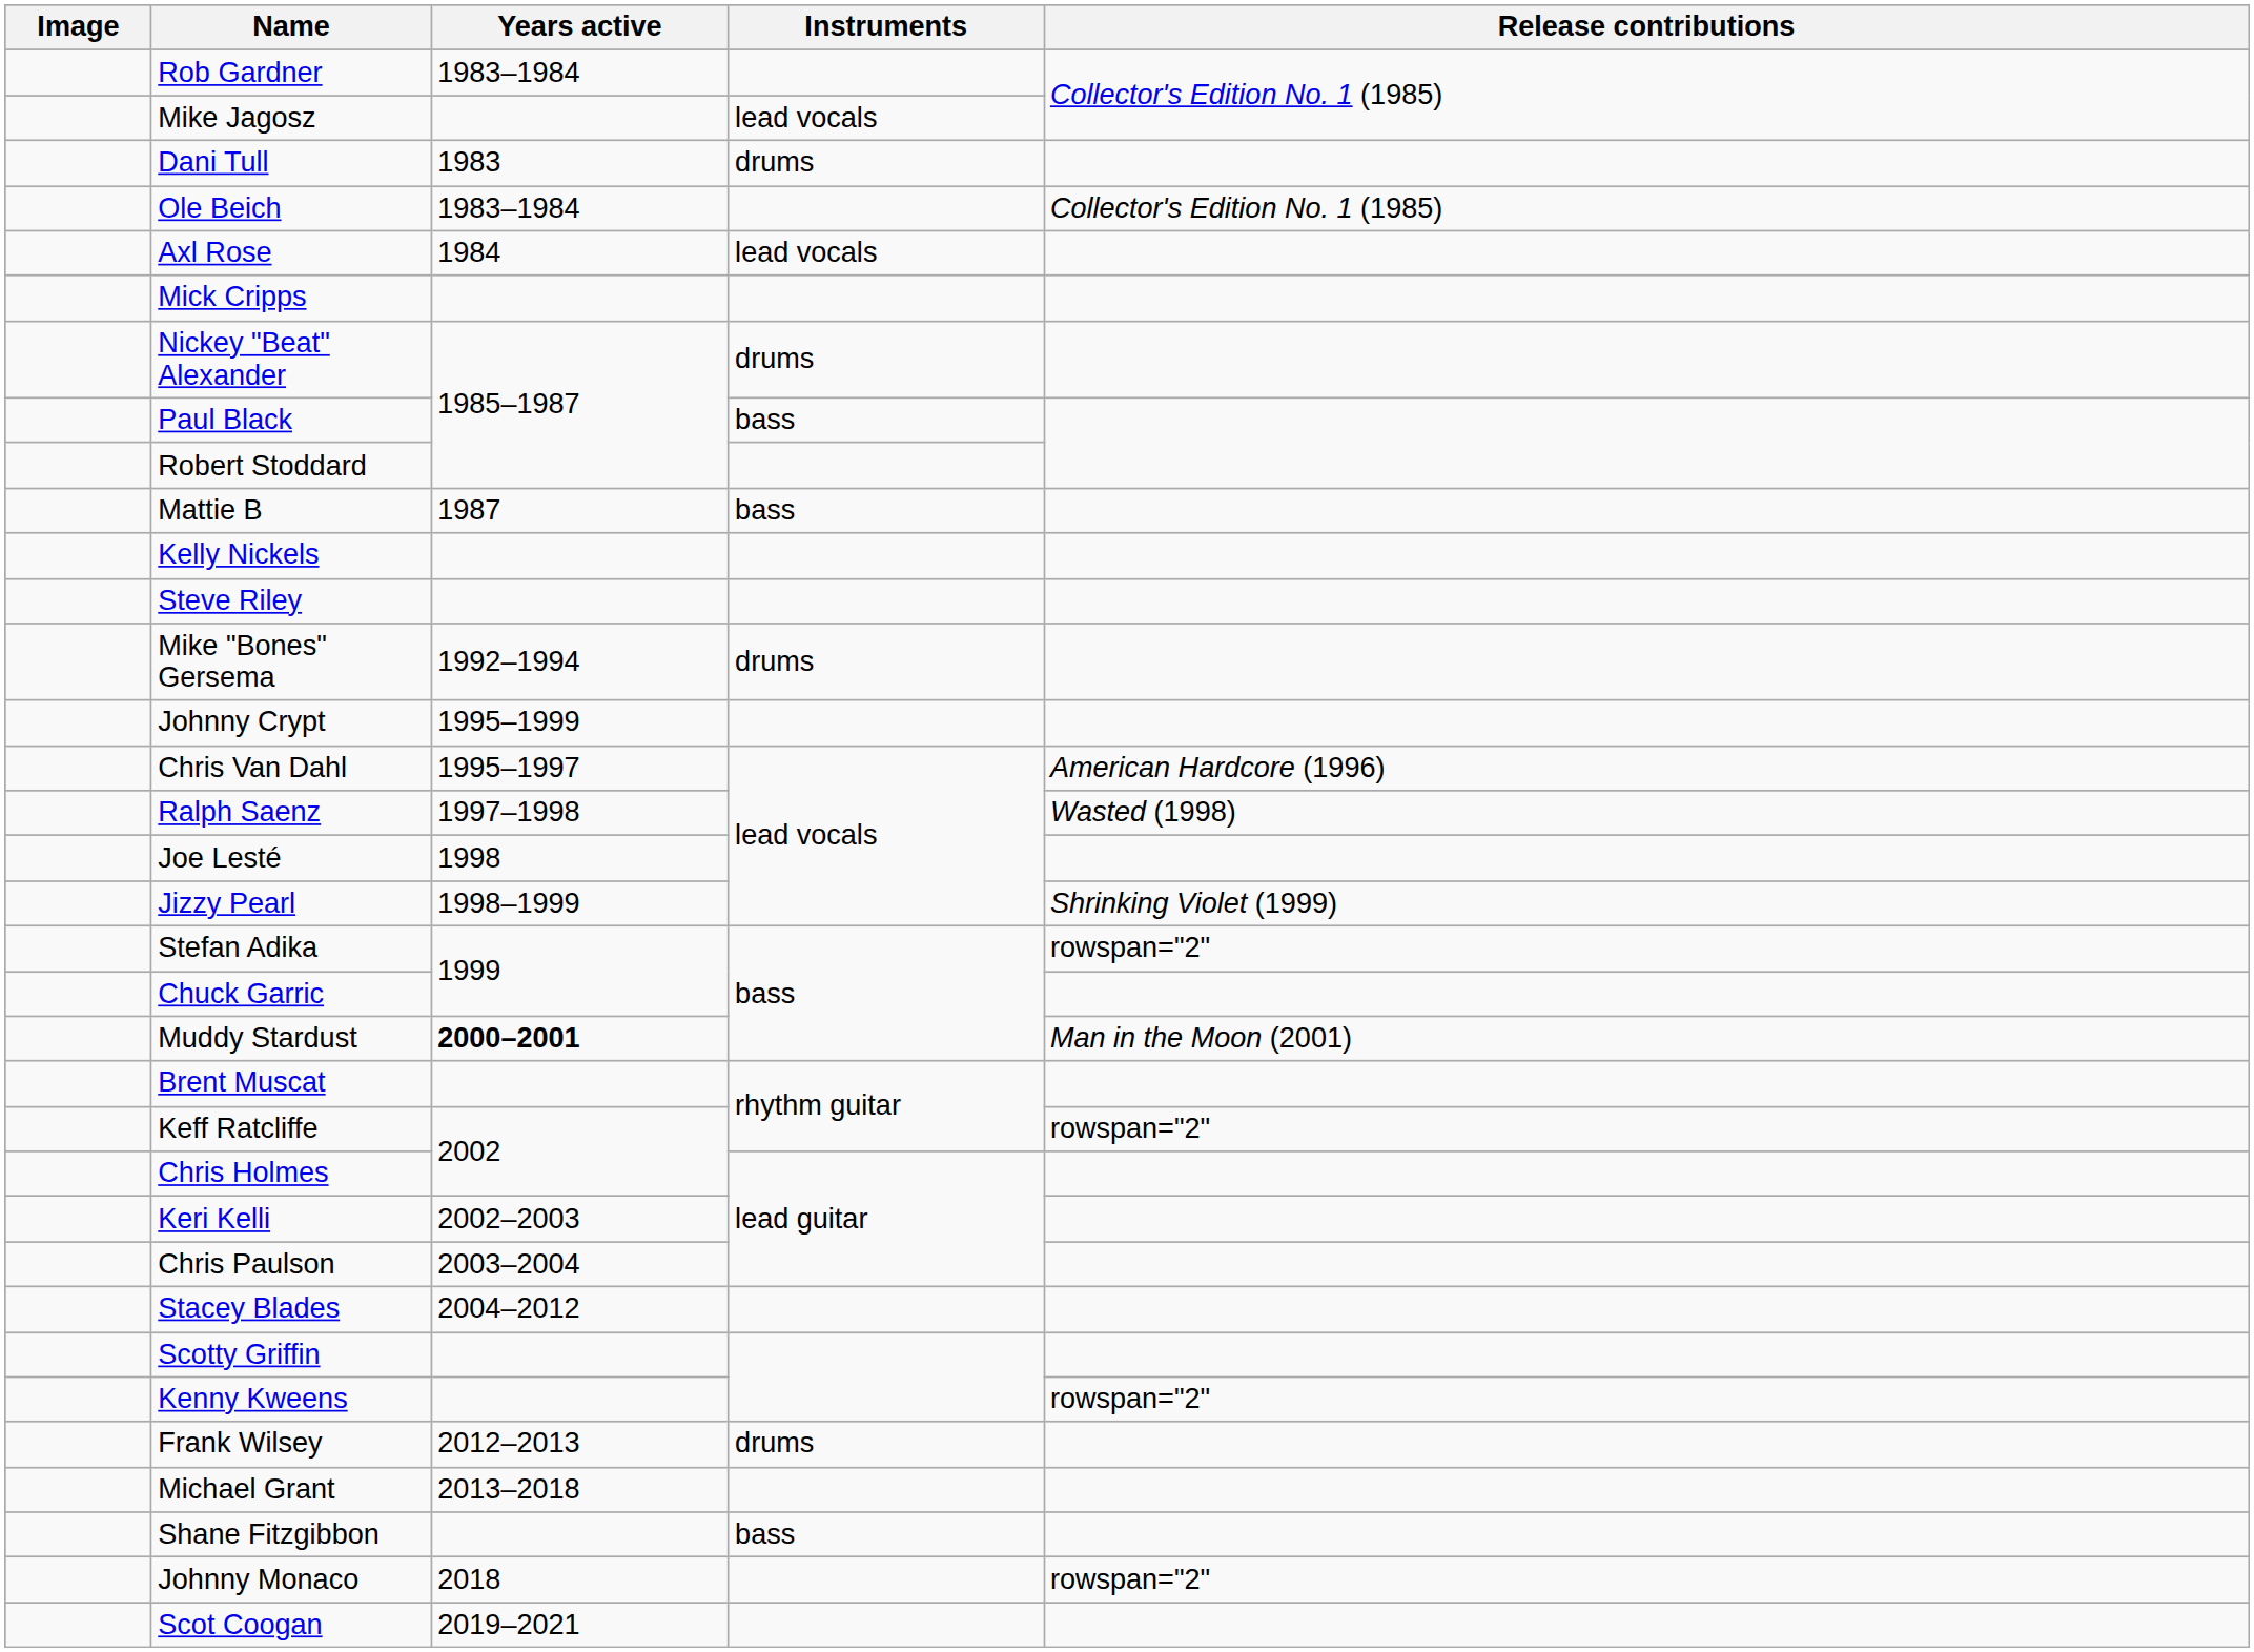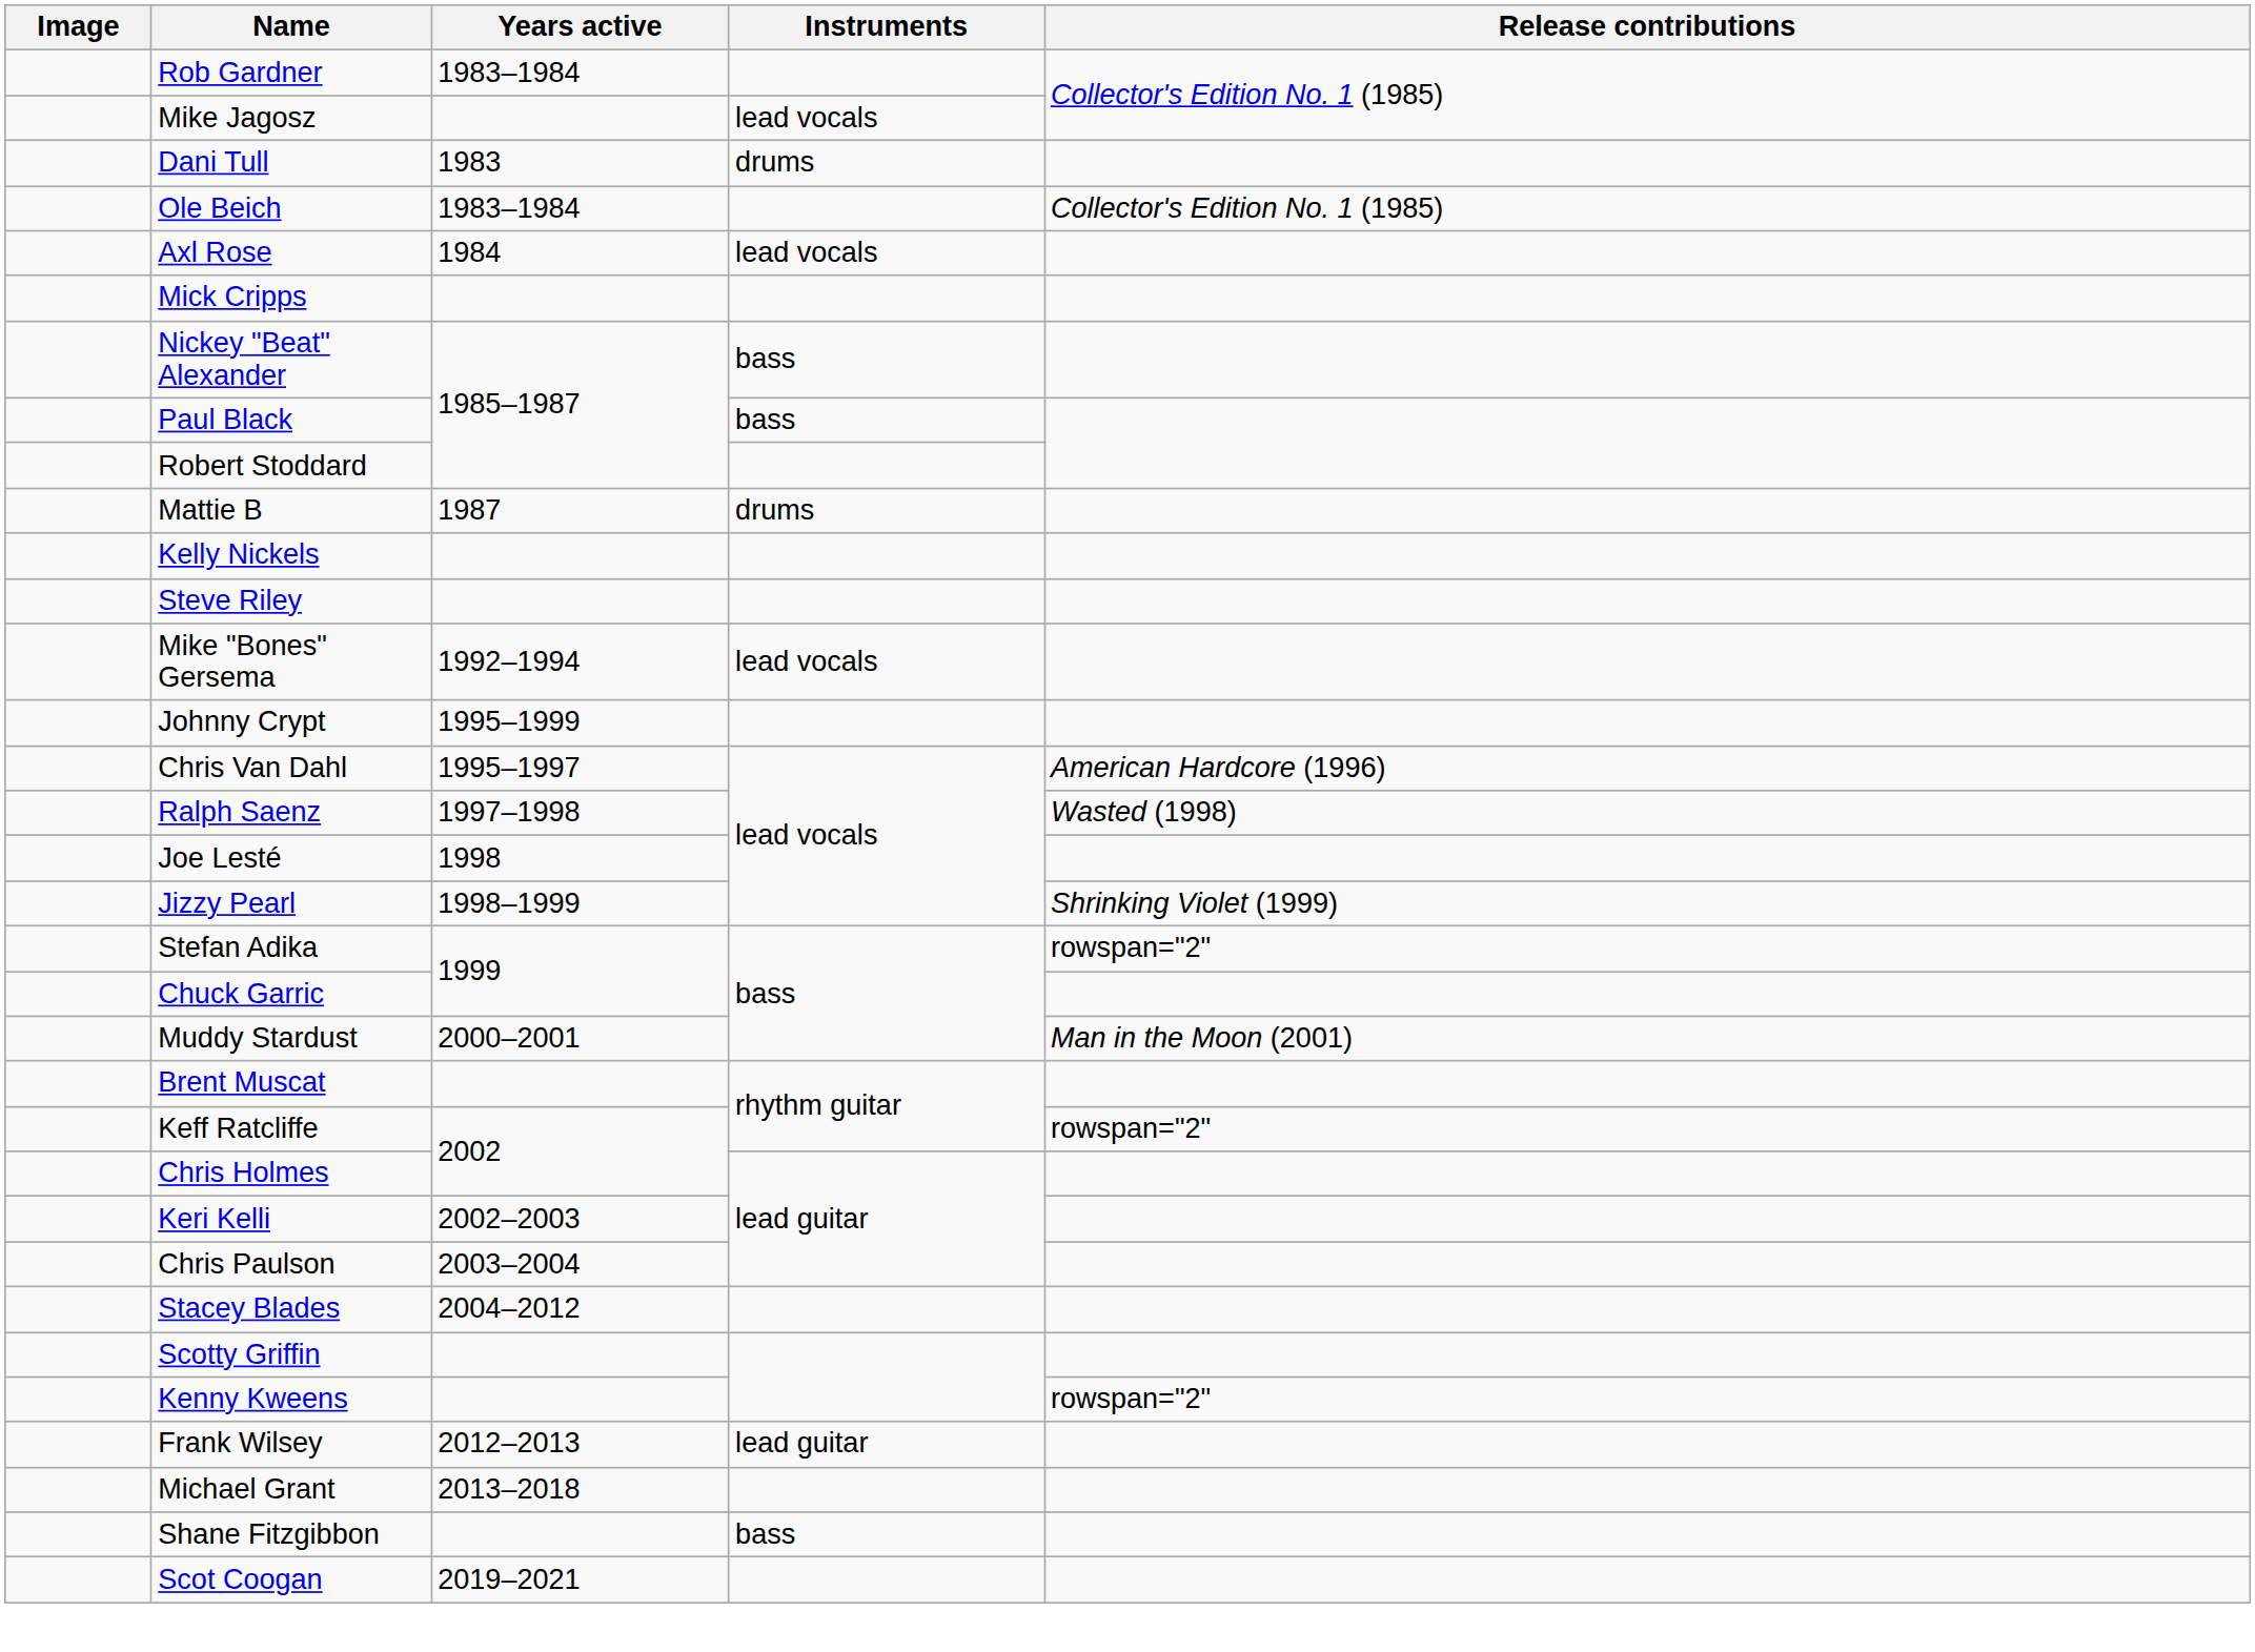 <table class="wikitable" border="1" width=100%>
 <tr>
 <th width="75">Image</th>
 <th width="150">Name</th>
 <th width="160">Years active</th>
 <th width="170">Instruments</th>
 <th>Release contributions</th>
 </tr>
 <tr>
 <td></td>
 <td><a href='#'>Rob Gardner</a></td>
 <td>1983–1984</td>
 <td></td>
 <td rowspan="2"><em><a href='#'>Collector's Edition No. 1</a></em> (1985)</td>
 </tr>
 <tr>
 <td></td>
 <td>Mike Jagosz</td>
 <td></td>
 <td>lead vocals</td>
 </tr>
 <tr>
 <td></td>
 <td><a href='#'>Dani Tull</a></td>
 <td>1983</td>
 <td>drums</td>
 <td></td>
 </tr>
 <tr>
 <td></td>
 <td><a href='#'>Ole Beich</a></td>
 <td>1983–1984 </td>
 <td></td>
 <td><em>Collector's Edition No. 1</em> (1985)</td>
 </tr>
 <tr>
 <td></td>
 <td><a href='#'>Axl Rose</a></td>
 <td>1984</td>
 <td>lead vocals</td>
 <td></td>
 </tr>
 <tr>
 <td></td>
 <td><a href='#'>Mick Cripps</a></td>
 <td></td>
 <td></td>
 <td></td>
 </tr>
 <tr>
 <td></td>
 <td><a href='#'>Nickey "Beat" Alexander</a></td>
 <td rowspan="3">1985–1987</td>
-<td>drums</td>
+<td>bass</td>
 <td></td>
 </tr>
 <tr>
 <td></td>
 <td><a href='#'>Paul Black</a></td>
 <td>bass</td>
 <td rowspan="2"></td>
 </tr>
 <tr>
 <td></td>
 <td>Robert Stoddard</td>
 <td></td>
 </tr>
 <tr>
 <td></td>
 <td>Mattie B</td>
 <td>1987</td>
-<td>bass</td>
+<td>drums</td>
 <td></td>
 </tr>
 <tr>
 <td></td>
 <td><a href='#'>Kelly Nickels</a><br></td>
 <td></td>
 <td></td>
 <td></td>
 </tr>
 <tr>
 <td></td>
 <td><a href='#'>Steve Riley</a></td>
 <td> </td>
 <td></td>
 <td></td>
 </tr>
 <tr>
 <td></td>
 <td>Mike "Bones" Gersema</td>
 <td>1992–1994 </td>
-<td>drums</td>
+<td>lead vocals</td>
 <td></td>
 </tr>
 <tr>
 <td></td>
 <td>Johnny Crypt</td>
 <td>1995–1999</td>
 <td></td>
 <td></td>
 </tr>
 <tr>
 <td></td>
 <td>Chris Van Dahl</td>
 <td>1995–1997</td>
 <td rowspan="4">lead vocals</td>
 <td><em>American Hardcore</em> (1996)</td>
 </tr>
 <tr>
 <td></td>
 <td><a href='#'>Ralph Saenz</a></td>
 <td>1997–1998</td>
 <td><em>Wasted</em> (1998)</td>
 </tr>
 <tr>
 <td></td>
 <td>Joe Lesté</td>
 <td>1998</td>
 <td></td>
 </tr>
 <tr>
 <td></td>
 <td><a href='#'>Jizzy Pearl</a><br></td>
 <td>1998–1999</td>
 <td><em>Shrinking Violet</em> (1999)</td>
 </tr>
 <tr>
 <td></td>
 <td>Stefan Adika</td>
 <td rowspan="2">1999</td>
 <td rowspan="3">bass</td>
 <td>rowspan="2" </td>
 </tr>
 <tr>
 <td></td>
 <td><a href='#'>Chuck Garric</a></td>
 </tr>
 <tr>
 <td></td>
 <td>Muddy Stardust<br></td>
-<td><strong>2000–2001</strong></td>
+<td>2000–2001</td>
 <td><em>Man in the Moon</em> (2001)</td>
 </tr>
 <tr>
 <td></td>
 <td><a href='#'>Brent Muscat</a></td>
 <td></td>
 <td rowspan="2">rhythm guitar</td>
 <td></td>
 </tr>
 <tr>
 <td></td>
 <td>Keff Ratcliffe</td>
 <td rowspan="2">2002</td>
 <td>rowspan="2" </td>
 </tr>
 <tr>
 <td></td>
 <td><a href='#'>Chris Holmes</a></td>
 <td rowspan="3">lead guitar</td>
 </tr>
 <tr>
 <td></td>
 <td><a href='#'>Keri Kelli</a><br></td>
 <td>2002–2003</td>
 <td></td>
 </tr>
 <tr>
 <td></td>
 <td>Chris Paulson</td>
 <td>2003–2004</td>
 <td></td>
 </tr>
 <tr>
 <td></td>
 <td><a href='#'>Stacey Blades</a><br></td>
 <td>2004–2012</td>
 <td></td>
 <td></td>
 </tr>
 <tr>
 <td></td>
 <td><a href='#'>Scotty Griffin</a></td>
 <td></td>
 <td rowspan="2"></td>
 <td></td>
 </tr>
 <tr>
 <td></td>
 <td><a href='#'>Kenny Kweens</a></td>
 <td></td>
 <td>rowspan="2" </td>
 </tr>
 <tr>
 <td></td>
 <td>Frank Wilsey</td>
 <td>2012–2013</td>
-<td>drums</td>
+<td>lead guitar</td>
 </tr>
 <tr>
 <td></td>
 <td>Michael Grant</td>
 <td>2013–2018</td>
 <td></td>
 <td></td>
 </tr>
 <tr>
 <td></td>
 <td>Shane Fitzgibbon</td>
 <td></td>
 <td>bass</td>
 <td></td>
 </tr>
 <tr>
 <td></td>
-<td>Johnny Monaco</td>
-<td>2018</td>
-<td></td>
-<td>rowspan="2" </td>
-</tr>
-<tr>
-<td></td>
 <td><a href='#'>Scot Coogan</a></td>
 <td>2019–2021 </td>
 <td></td>
 </tr>
 </table>
